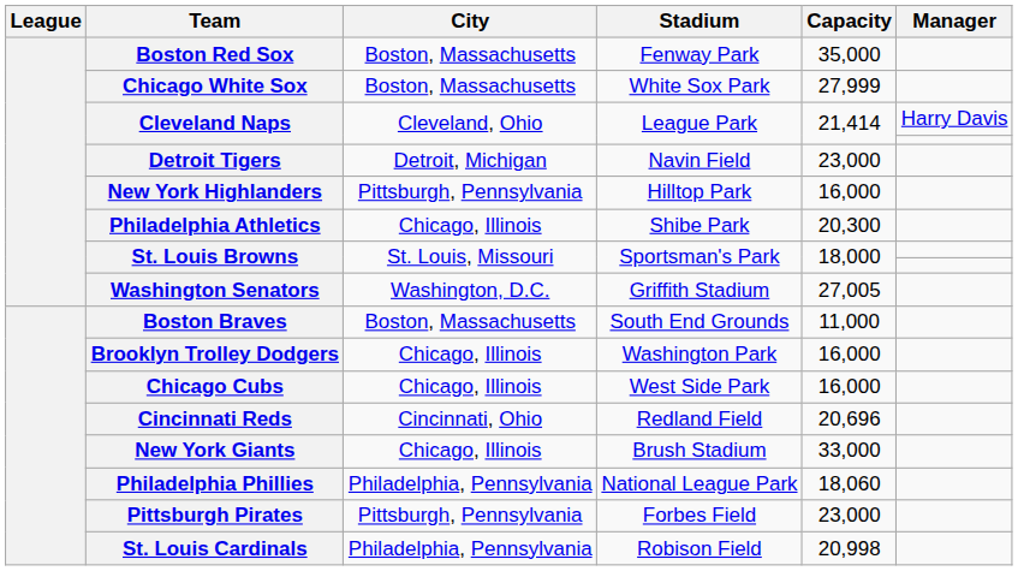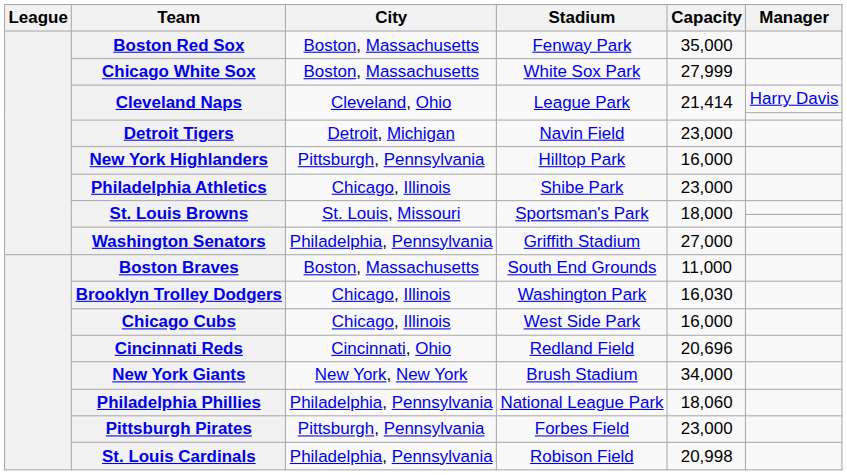 <table class="wikitable sortable plainrowheaders" style="text-align:center;">
 <tr>
 <th scope="col">League</th>
 <th scope="col">Team</th>
 <th scope="col">City</th>
 <th scope="col">Stadium</th>
 <th scope="col">Capacity</th>
 <th scope="col">Manager</th>
 </tr>
 <tr>
 <th rowspan="10"></th>
 <th scope="row"><a href='#'>Boston Red Sox</a></th>
 <td><a href='#'>Boston</a>, <a href='#'>Massachusetts</a></td>
 <td><a href='#'>Fenway Park</a></td>
 <td>35,000</td>
 <td></td>
 </tr>
 <tr>
 <th scope="row"><a href='#'>Chicago White Sox</a></th>
 <td><a href='#'>Boston</a>, <a href='#'>Massachusetts</a></td>
 <td><a href='#'>White Sox Park</a></td>
 <td>27,999</td>
 <td></td>
 </tr>
 <tr>
 <th rowspan="2" scope="row"><a href='#'>Cleveland Naps</a></th>
 <td rowspan="2"><a href='#'>Cleveland</a>, <a href='#'>Ohio</a></td>
 <td rowspan="2"><a href='#'>League Park</a></td>
 <td rowspan="2">21,414</td>
 <td><a href='#'>Harry Davis</a></td>
 </tr>
 <tr>
 <td></td>
 </tr>
 <tr>
 <th scope="row"><a href='#'>Detroit Tigers</a></th>
 <td><a href='#'>Detroit</a>, <a href='#'>Michigan</a></td>
 <td><a href='#'>Navin Field</a></td>
 <td>23,000</td>
 <td></td>
 </tr>
 <tr>
 <th scope="row"><a href='#'>New York Highlanders</a></th>
 <td><a href='#'>Pittsburgh</a>, <a href='#'>Pennsylvania</a></td>
 <td><a href='#'>Hilltop Park</a></td>
 <td>16,000</td>
 <td></td>
 </tr>
 <tr>
 <th scope="row"><a href='#'>Philadelphia Athletics</a></th>
 <td><a href='#'>Chicago</a>, <a href='#'>Illinois</a></td>
 <td><a href='#'>Shibe Park</a></td>
-<td>20,300</td>
+<td>23,000</td>
 <td></td>
 </tr>
 <tr>
 <th rowspan="2" scope="row"><a href='#'>St. Louis Browns</a></th>
 <td rowspan="2"><a href='#'>St. Louis</a>, <a href='#'>Missouri</a></td>
 <td rowspan="2"><a href='#'>Sportsman's Park</a></td>
 <td rowspan="2">18,000</td>
 <td></td>
 </tr>
 <tr>
 <td></td>
 </tr>
 <tr>
 <th scope="row"><a href='#'>Washington Senators</a></th>
-<td><a href='#'>Washington, D.C.</a></td>
+<td><a href='#'>Philadelphia</a>, <a href='#'>Pennsylvania</a></td>
 <td><a href='#'>Griffith Stadium</a></td>
-<td>27,005</td>
+<td>27,000</td>
 <td></td>
 </tr>
 <tr>
 <th rowspan="8"></th>
 <th scope="row"><a href='#'>Boston Braves</a></th>
 <td><a href='#'>Boston</a>, <a href='#'>Massachusetts</a></td>
 <td><a href='#'>South End Grounds</a></td>
 <td>11,000</td>
 <td></td>
 </tr>
 <tr>
 <th scope="row"><a href='#'>Brooklyn Trolley Dodgers</a></th>
 <td><a href='#'>Chicago</a>, <a href='#'>Illinois</a></td>
 <td><a href='#'>Washington Park</a></td>
-<td>16,000</td>
+<td>16,030</td>
 <td></td>
 </tr>
 <tr>
 <th scope="row"><a href='#'>Chicago Cubs</a></th>
 <td><a href='#'>Chicago</a>, <a href='#'>Illinois</a></td>
 <td><a href='#'>West Side Park</a></td>
 <td>16,000</td>
 <td></td>
 </tr>
 <tr>
 <th scope="row"><a href='#'>Cincinnati Reds</a></th>
 <td><a href='#'>Cincinnati</a>, <a href='#'>Ohio</a></td>
 <td><a href='#'>Redland Field</a></td>
 <td>20,696</td>
 <td></td>
 </tr>
 <tr>
 <th scope="row"><a href='#'>New York Giants</a></th>
-<td><a href='#'>Chicago</a>, <a href='#'>Illinois</a></td>
+<td><a href='#'>New York</a>, <a href='#'>New York</a></td>
 <td><a href='#'>Brush Stadium</a></td>
-<td>33,000</td>
+<td>34,000</td>
 <td></td>
 </tr>
 <tr>
 <th scope="row"><a href='#'>Philadelphia Phillies</a></th>
 <td><a href='#'>Philadelphia</a>, <a href='#'>Pennsylvania</a></td>
 <td><a href='#'>National League Park</a></td>
 <td>18,060</td>
 <td></td>
 </tr>
 <tr>
 <th scope="row"><a href='#'>Pittsburgh Pirates</a></th>
 <td><a href='#'>Pittsburgh</a>, <a href='#'>Pennsylvania</a></td>
 <td><a href='#'>Forbes Field</a></td>
 <td>23,000</td>
 <td></td>
 </tr>
 <tr>
 <th scope="row"><a href='#'>St. Louis Cardinals</a></th>
 <td><a href='#'>Philadelphia</a>, <a href='#'>Pennsylvania</a></td>
 <td><a href='#'>Robison Field</a></td>
 <td>20,998</td>
 <td></td>
 </tr>
 </table>
